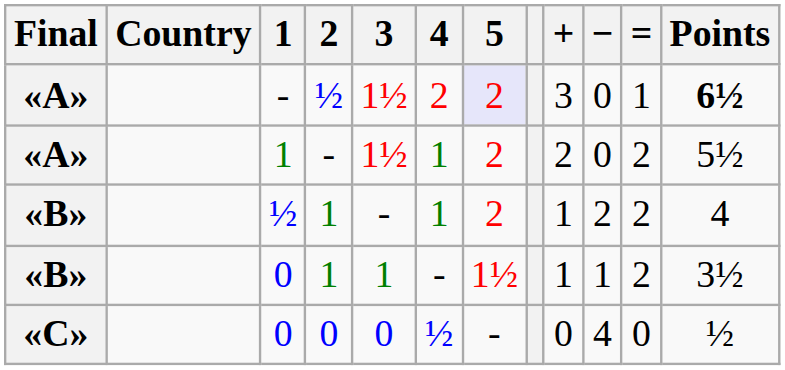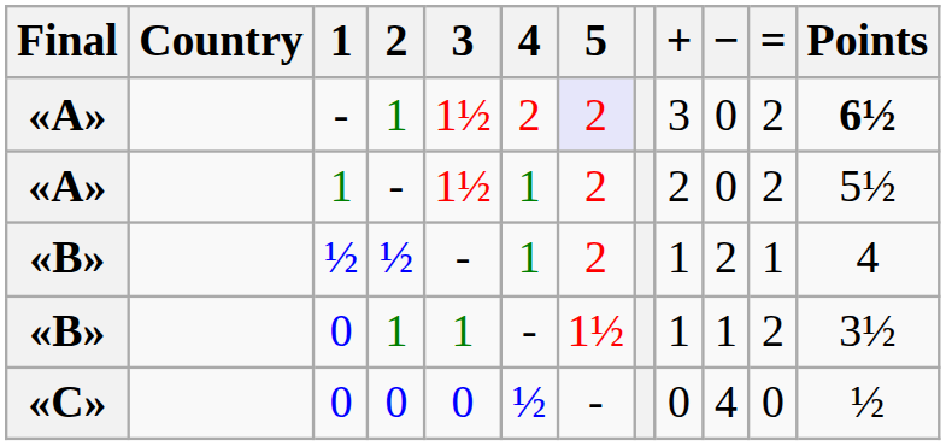 <table class="wikitable" style="text-align:center">
 <tr>
 <th>Final</th>
 <th>Country</th>
 <th>1</th>
 <th>2</th>
 <th>3</th>
 <th>4</th>
 <th>5</th>
 <th></th>
 <th>+</th>
 <th>−</th>
 <th>=</th>
 <th>Points</th>
 </tr>
 <tr>
 <th>«A»</th>
 <td style="text-align: left"></td>
 <td>-</td>
-<td style="color:blue;">½</td>
+<td style="color:green;">1</td>
 <td style="color:red;">1½</td>
 <td style="color:red;">2</td>
 <td style="background: lavender; color:red;">2</td>
 <th></th>
 <td>3</td>
 <td>0</td>
-<td>1</td>
+<td>2</td>
 <td><strong>6½</strong></td>
 </tr>
 <tr>
 <th>«A»</th>
 <td style="text-align: left"></td>
 <td style="color:green;">1</td>
 <td>-</td>
 <td style="color:red;">1½</td>
 <td style="color:green;">1</td>
 <td style="color:red;">2</td>
 <th></th>
 <td>2</td>
 <td>0</td>
 <td>2</td>
 <td>5½</td>
 </tr>
 <tr>
 <th>«B»</th>
 <td style="text-align: left"></td>
 <td style="color:blue;">½</td>
-<td style="color:green;">1</td>
+<td style="color:blue;">½</td>
 <td>-</td>
 <td style="color:green;">1</td>
 <td style="color:red;">2</td>
 <th></th>
 <td>1</td>
 <td>2</td>
-<td>2</td>
+<td>1</td>
 <td>4</td>
 </tr>
 <tr>
 <th>«B»</th>
 <td style="text-align: left"></td>
 <td style="color:blue;">0</td>
 <td style="color:green;">1</td>
 <td style="color:green;">1</td>
 <td>-</td>
 <td style="color:red;">1½</td>
 <th></th>
 <td>1</td>
 <td>1</td>
 <td>2</td>
 <td>3½</td>
 </tr>
 <tr>
 <th>«C»</th>
 <td style="text-align: left"></td>
 <td style="color:blue;">0</td>
 <td style="color:blue;">0</td>
 <td style="color:blue;">0</td>
 <td style="color:blue;">½</td>
 <td>-</td>
 <th></th>
 <td>0</td>
 <td>4</td>
 <td>0</td>
 <td>½</td>
 </tr>
 </table>
